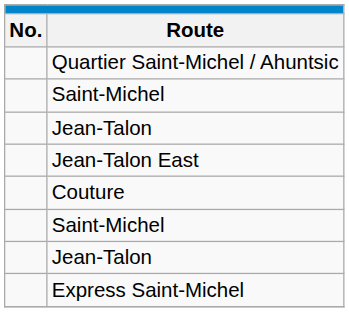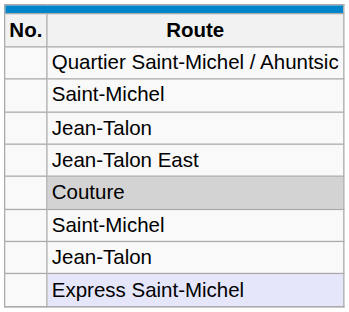 <table align=center class="wikitable">
 <tr>
 <th style="background: #0085CA; font-size:100%; color:#FFFFFF;"colspan="4"><a href='#'></a></th>
 </tr>
 <tr>
 <th>No.</th>
 <th>Route</th>
 </tr>
 <tr>
 <td></td>
 <td>Quartier Saint-Michel / Ahuntsic</td>
 </tr>
 <tr>
 <td {{Avoid wrap> </td>
 <td>Saint-Michel</td>
 </tr>
 <tr>
 <td></td>
 <td>Jean-Talon</td>
 </tr>
 <tr>
 <td {{Avoid wrap> </td>
 <td>Jean-Talon East</td>
 </tr>
 <tr>
 <td></td>
-<td>Couture</td>
+<td style="background: lightgrey;">Couture</td>
 </tr>
 <tr>
 <td {{Avoid wrap> </td>
 <td>Saint-Michel</td>
 </tr>
 <tr>
 <td {{Avoid wrap> </td>
 <td>Jean-Talon</td>
 </tr>
 <tr>
 <td></td>
-<td>Express Saint-Michel</td>
+<td style="background: lavender;">Express Saint-Michel</td>
 </tr>
 <tr>
 </tr>
 </table>
